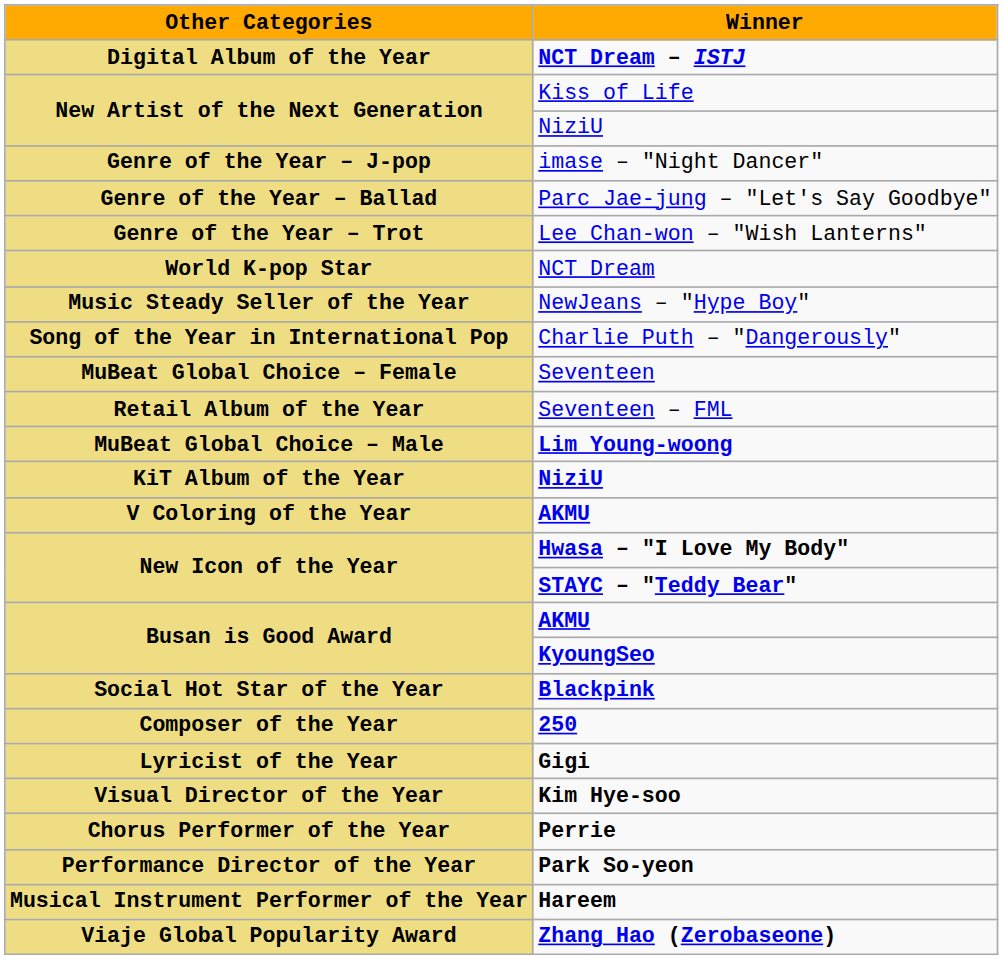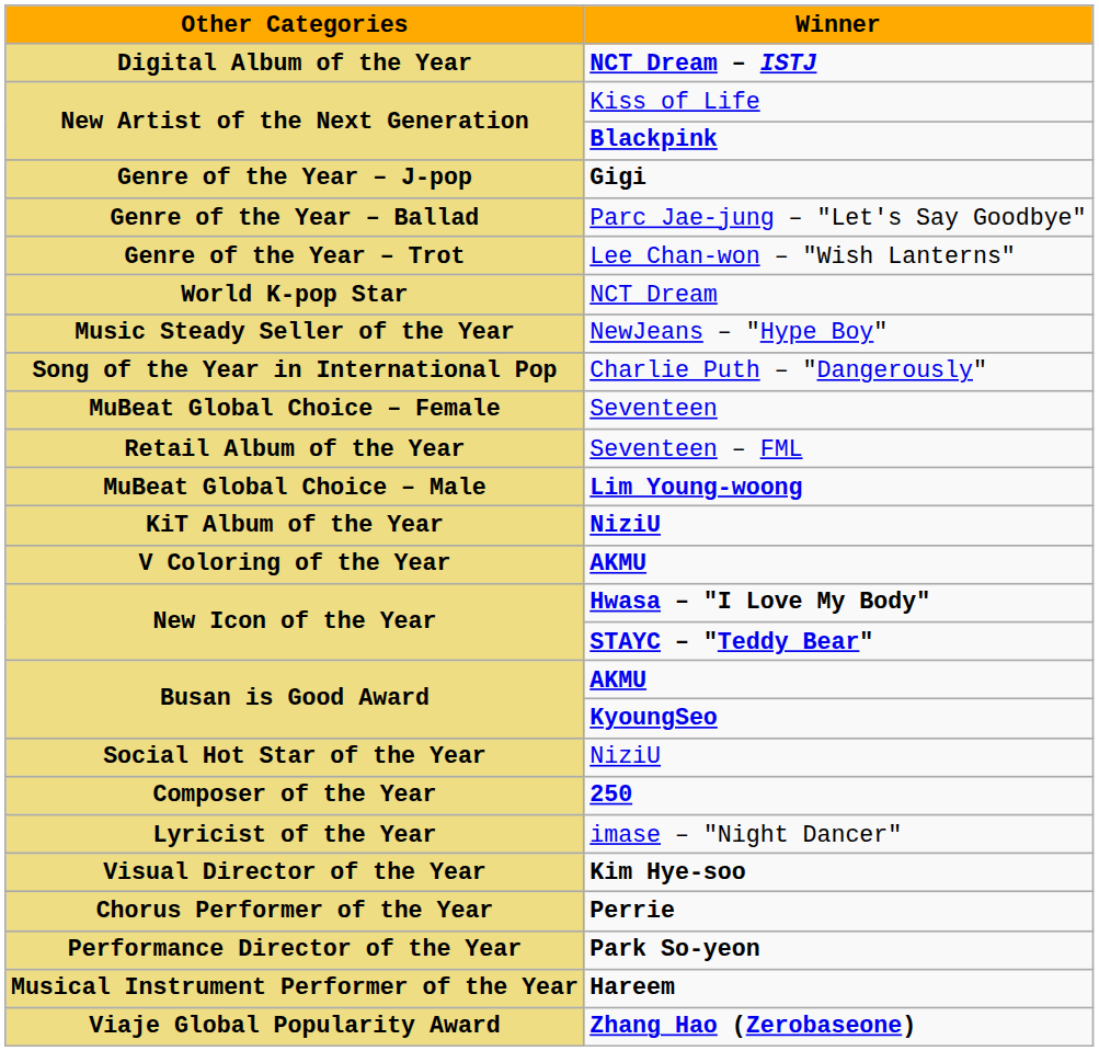 <table class="wikitable plainrowheaders">
 <tr>
 <th style="background:#FFAA00">Other Categories</th>
 <th style="background:#FFAA00">Winner</th>
 </tr>
 <tr>
 <th scope="row" style="background:#EEDD82">Digital Album of the Year</th>
 <td><strong><a href='#'>NCT Dream</a> – <em><a href='#'>ISTJ</a><strong><em></td>
 </tr>
 <tr>
 <th scope="row" rowspan="2" style="background:#EEDD82">New Artist of the Next Generation</th>
 <td></strong><a href='#'>Kiss of Life</a><strong></td>
 </tr>
 <tr>
-<td></strong><a href='#'>NiziU</a><strong></td>
+<td><strong><a href='#'>Blackpink</a></strong></td>
 </tr>
 <tr>
 <th scope="row" style="background:#EEDD82">Genre of the Year – J-pop</th>
-<td></strong><a href='#'>imase</a> – "Night Dancer"<strong></td>
+<td><strong>Gigi</strong></td>
 </tr>
 <tr>
 <th scope="row" style="background:#EEDD82">Genre of the Year – Ballad</th>
 <td></strong><a href='#'>Parc Jae-jung</a> – "Let's Say Goodbye"<strong></td>
 </tr>
 <tr>
 <th scope="row" style="background:#EEDD82">Genre of the Year – Trot</th>
 <td></strong><a href='#'>Lee Chan-won</a> – "Wish Lanterns"<strong></td>
 </tr>
 <tr>
 <th scope="row" style="background:#EEDD82">World K-pop Star</th>
 <td></strong><a href='#'>NCT Dream</a><strong></td>
 </tr>
 <tr>
 <th scope="row" style="background:#EEDD82">Music Steady Seller of the Year</th>
 <td></strong><a href='#'>NewJeans</a> – "<a href='#'>Hype Boy</a>"<strong></td>
 </tr>
 <tr>
 <th scope="row" style="background:#EEDD82">Song of the Year in International Pop</th>
 <td></strong><a href='#'>Charlie Puth</a> – "<a href='#'>Dangerously</a>"<strong></td>
 </tr>
 <tr>
 <th scope="row" style="background:#EEDD82">MuBeat Global Choice – Female</th>
 <td></strong><a href='#'>Seventeen</a><strong></td>
 </tr>
 <tr>
 <th scope="row" style="background:#EEDD82">Retail Album of the Year</th>
 <td><strong></strong><a href='#'>Seventeen</a> – </em><a href='#'>FML</a></em></strong></strong></td>
 </tr>
 <tr>
 <th scope="row" style="background:#EEDD82">MuBeat Global Choice – Male</th>
 <td><strong><a href='#'>Lim Young-woong</a></strong></td>
 </tr>
 <tr>
 <th scope="row" style="background:#EEDD82">KiT Album of the Year</th>
 <td><strong><a href='#'>NiziU</a></strong></td>
 </tr>
 <tr>
 <th scope="row" style="background:#EEDD82">V Coloring of the Year</th>
 <td><strong><a href='#'>AKMU</a></strong></td>
 </tr>
 <tr>
 <th scope="row" rowspan="2" style="background:#EEDD82">New Icon of the Year</th>
 <td><strong><a href='#'>Hwasa</a> – "I Love My Body"</strong></td>
 </tr>
 <tr>
 <td><strong><a href='#'>STAYC</a> – "<a href='#'>Teddy Bear</a>"</strong></td>
 </tr>
 <tr>
 <th scope="row" rowspan="2" style="background:#EEDD82">Busan is Good Award</th>
 <td><strong><a href='#'>AKMU</a></strong></td>
 </tr>
 <tr>
 <td><strong><a href='#'>KyoungSeo</a></strong></td>
 </tr>
 <tr>
 <th scope="row" style="background:#EEDD82">Social Hot Star of the Year</th>
-<td><strong><a href='#'>Blackpink</a></strong></td>
+<td></strong><a href='#'>NiziU</a><strong></td>
 </tr>
 <tr>
 <th scope="row" style="background:#EEDD82">Composer of the Year</th>
 <td><strong><a href='#'>250</a></strong></td>
 </tr>
 <tr>
 <th scope="row" style="background:#EEDD82">Lyricist of the Year</th>
-<td><strong>Gigi</strong></td>
+<td></strong><a href='#'>imase</a> – "Night Dancer"<strong></td>
 </tr>
 <tr>
 <th scope="row" style="background:#EEDD82">Visual Director of the Year</th>
 <td><strong>Kim Hye-soo</strong></td>
 </tr>
 <tr>
 <th scope="row" style="background:#EEDD82">Chorus Performer of the Year</th>
 <td><strong>Perrie</strong></td>
 </tr>
 <tr>
 <th scope="row" style="background:#EEDD82">Performance Director of the Year</th>
 <td><strong>Park So-yeon</strong></td>
 </tr>
 <tr>
 <th scope="row" style="background:#EEDD82">Musical Instrument Performer of the Year</th>
 <td><strong>Hareem</strong></td>
 </tr>
 <tr>
 <th scope="row" style="background:#EEDD82">Viaje Global Popularity Award</th>
 <td><strong><a href='#'>Zhang Hao</a> (<a href='#'>Zerobaseone</a>)</strong></td>
 </tr>
 </table>
